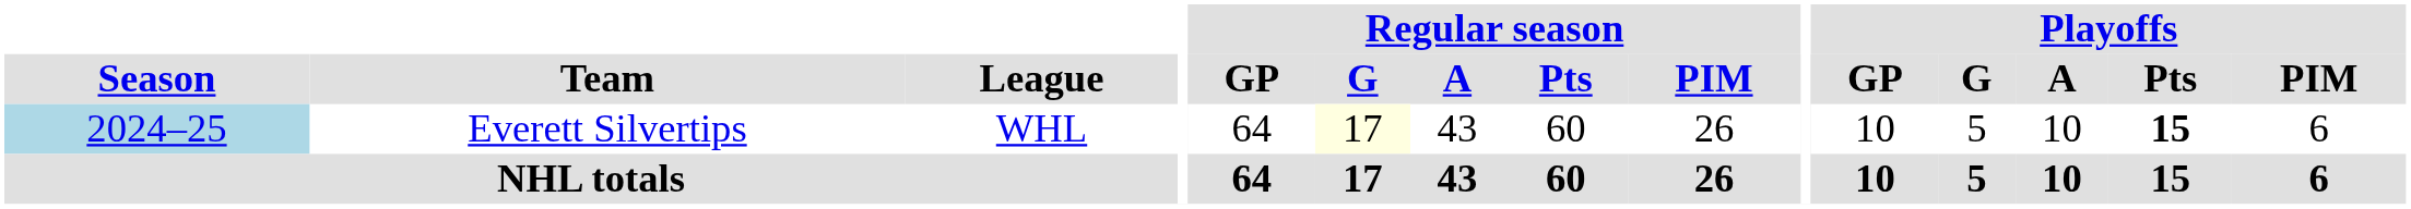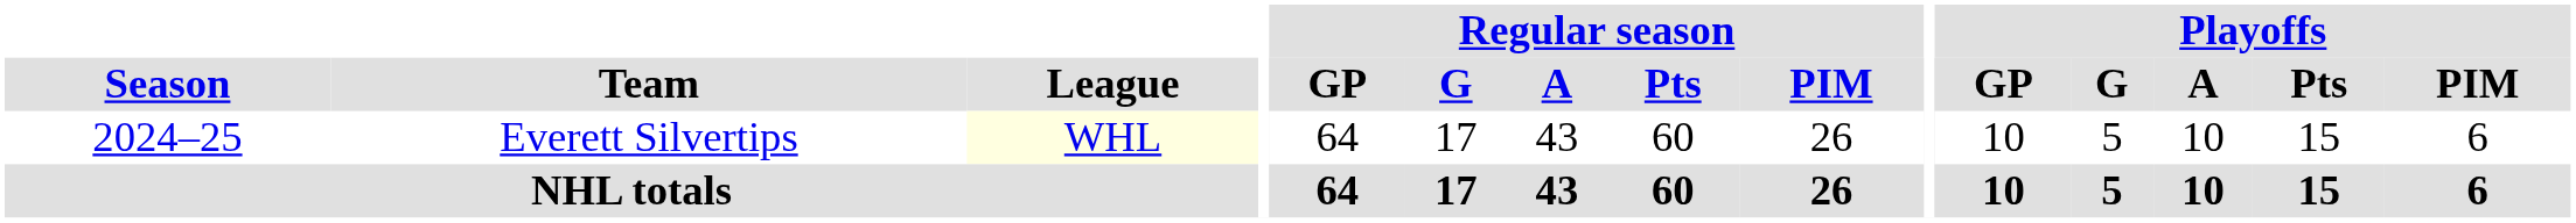 <table border="0" cellpadding="1" cellspacing="0" style="text-align:center; width:60em;">
 <tr bgcolor="#e0e0e0">
 <th colspan="3" bgcolor="#ffffff"></th>
 <th rowspan="102" bgcolor="#ffffff"></th>
 <th colspan="5"><a href='#'>Regular season</a></th>
 <th rowspan="102" bgcolor="#ffffff"></th>
 <th colspan="5"><a href='#'>Playoffs</a></th>
 </tr>
 <tr bgcolor="#e0e0e0">
 <th><a href='#'>Season</a></th>
 <th>Team</th>
 <th>League</th>
 <th>GP</th>
 <th><a href='#'>G</a></th>
 <th><a href='#'>A</a></th>
 <th><a href='#'>Pts</a></th>
 <th><a href='#'>PIM</a></th>
 <th>GP</th>
 <th>G</th>
 <th>A</th>
 <th>Pts</th>
 <th>PIM</th>
 </tr>
 <tr>
-<td style="background: lightblue;"><a href='#'>2024–25</a></td>
+<td><a href='#'>2024–25</a></td>
 <td><a href='#'>Everett Silvertips</a></td>
-<td><a href='#'>WHL</a></td>
+<td style="background: lightyellow;"><a href='#'>WHL</a></td>
 <td>64</td>
-<td style="background: lightyellow;">17</td>
+<td>17</td>
 <td>43</td>
 <td>60</td>
 <td>26</td>
 <td>10</td>
 <td>5</td>
 <td>10</td>
-<td><strong>15</strong></td>
+<td>15</td>
 <td>6</td>
 </tr>
 <tr bgcolor="#e0e0e0">
 <th colspan="3">NHL totals</th>
 <th>64</th>
 <th>17</th>
 <th>43</th>
 <th>60</th>
 <th>26</th>
 <th>10</th>
 <th>5</th>
 <th>10</th>
 <th>15</th>
 <th>6</th>
 </tr>
 </table>
